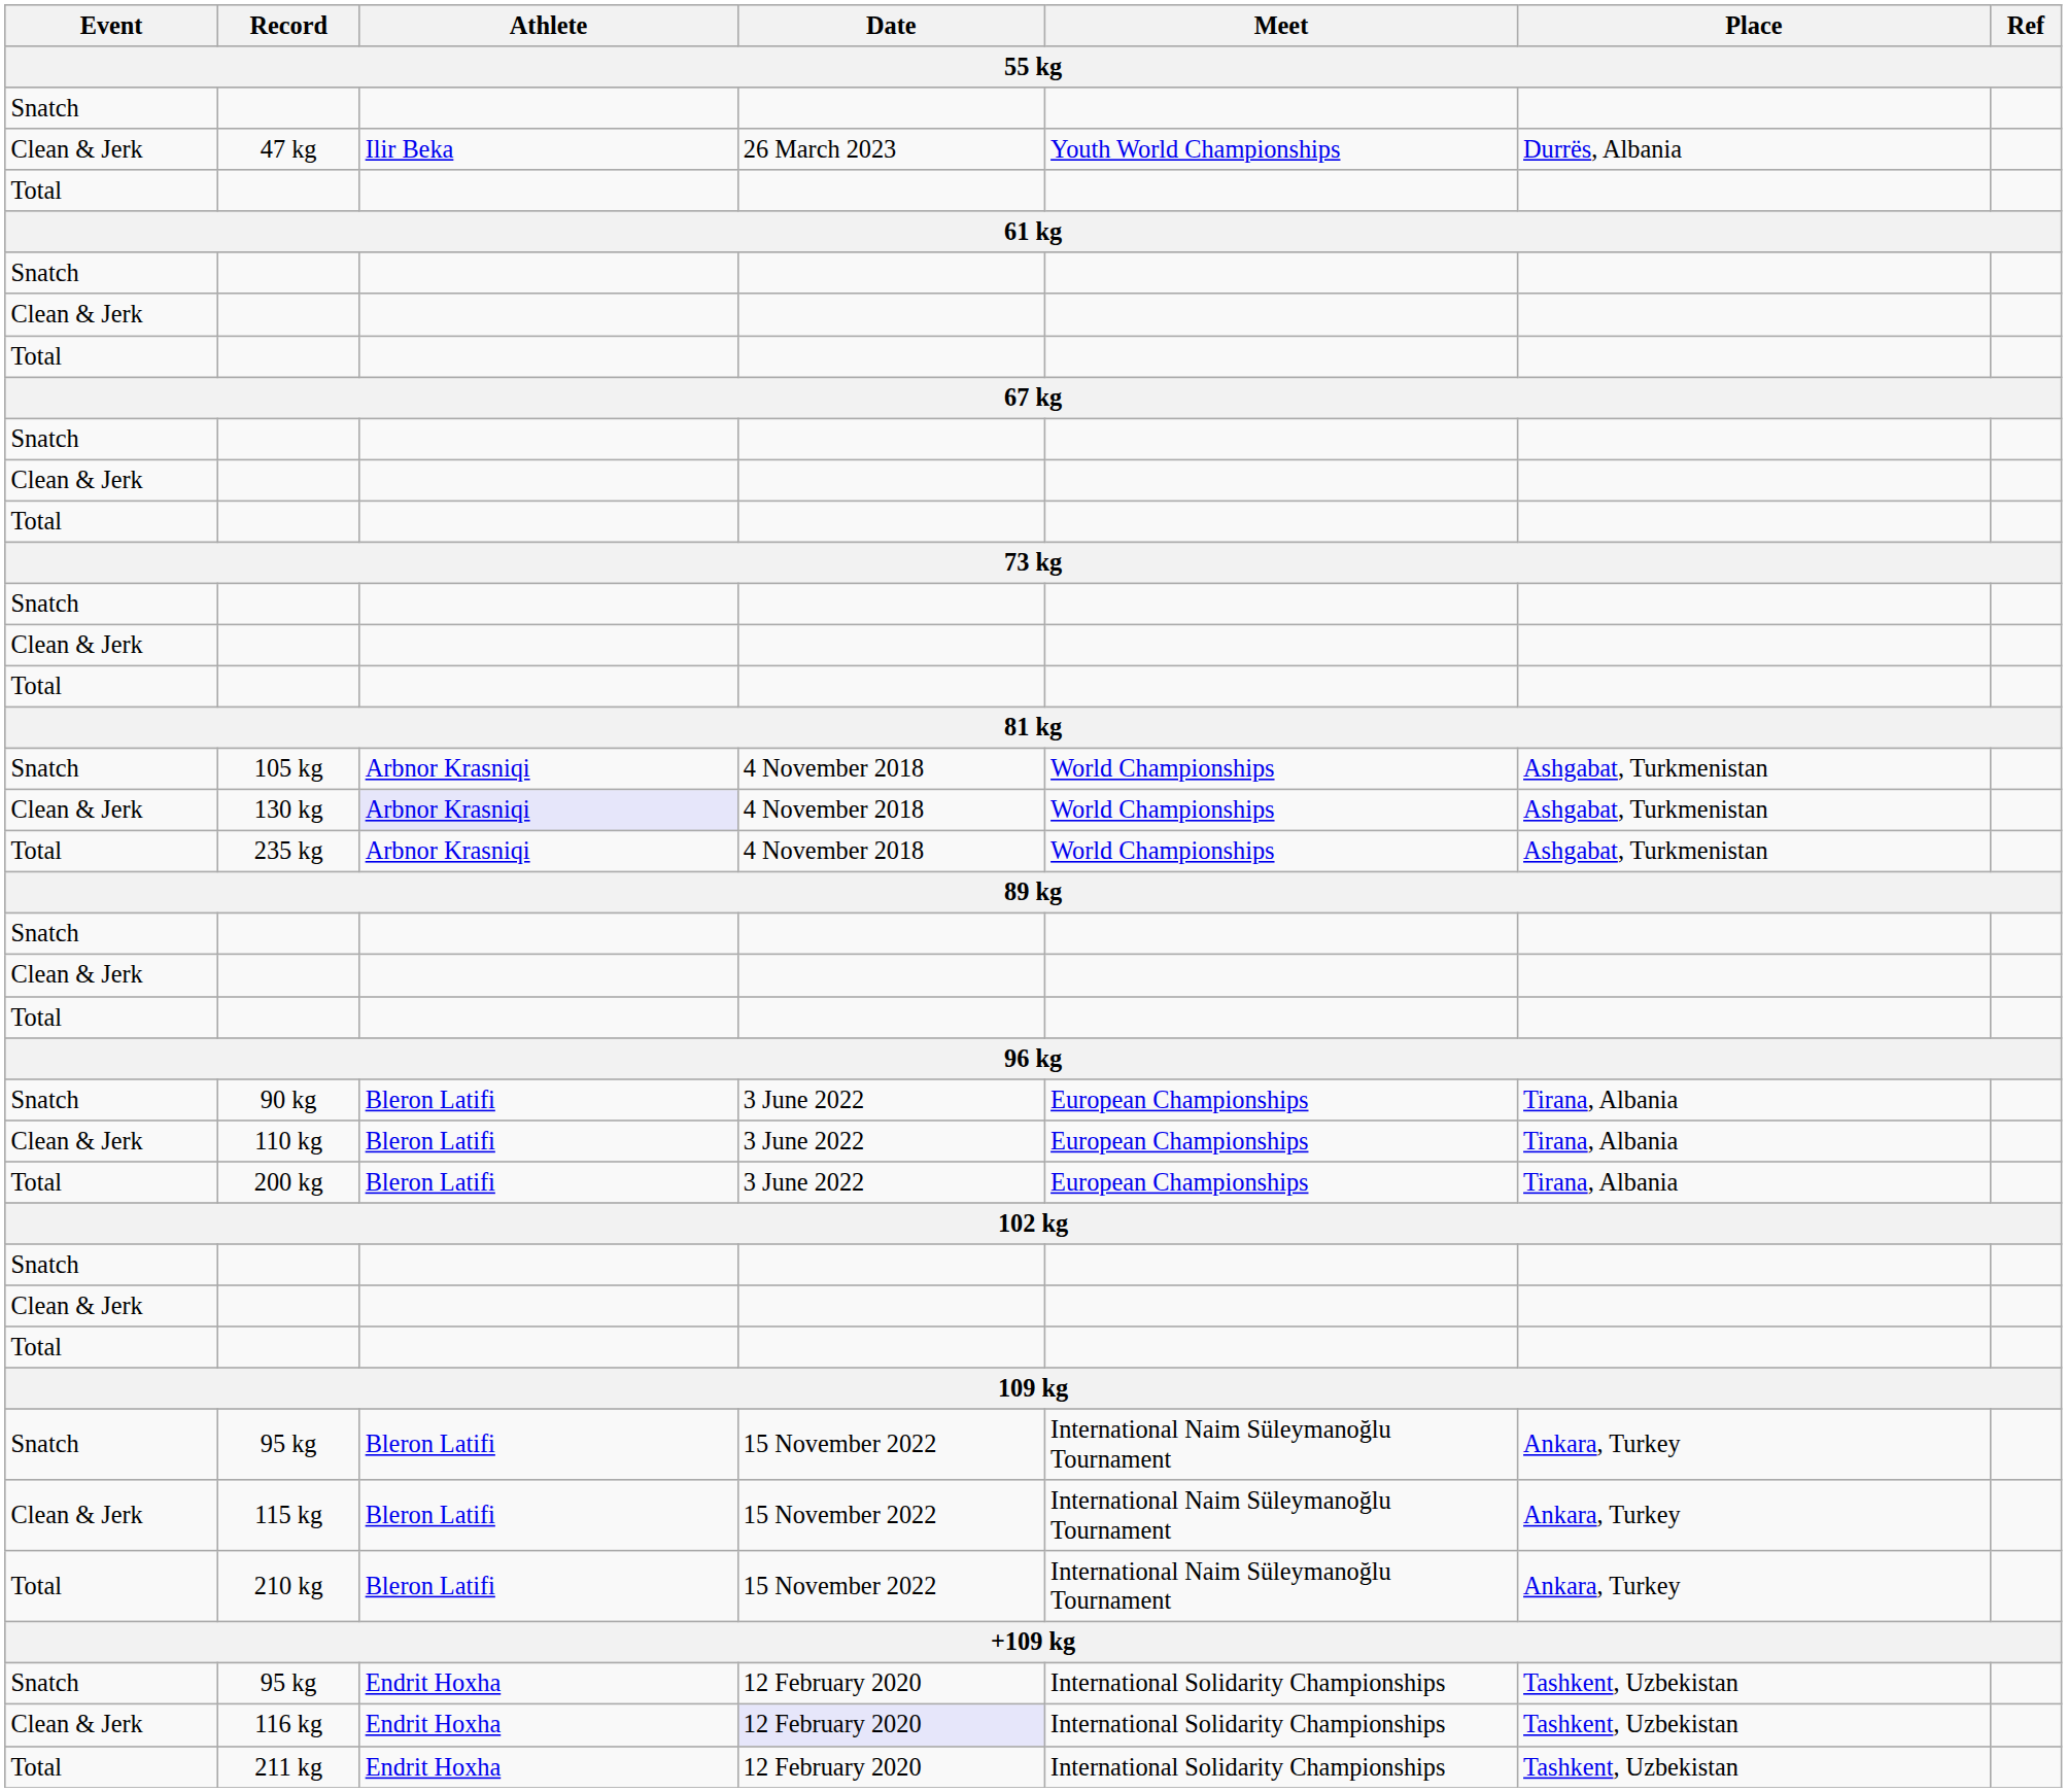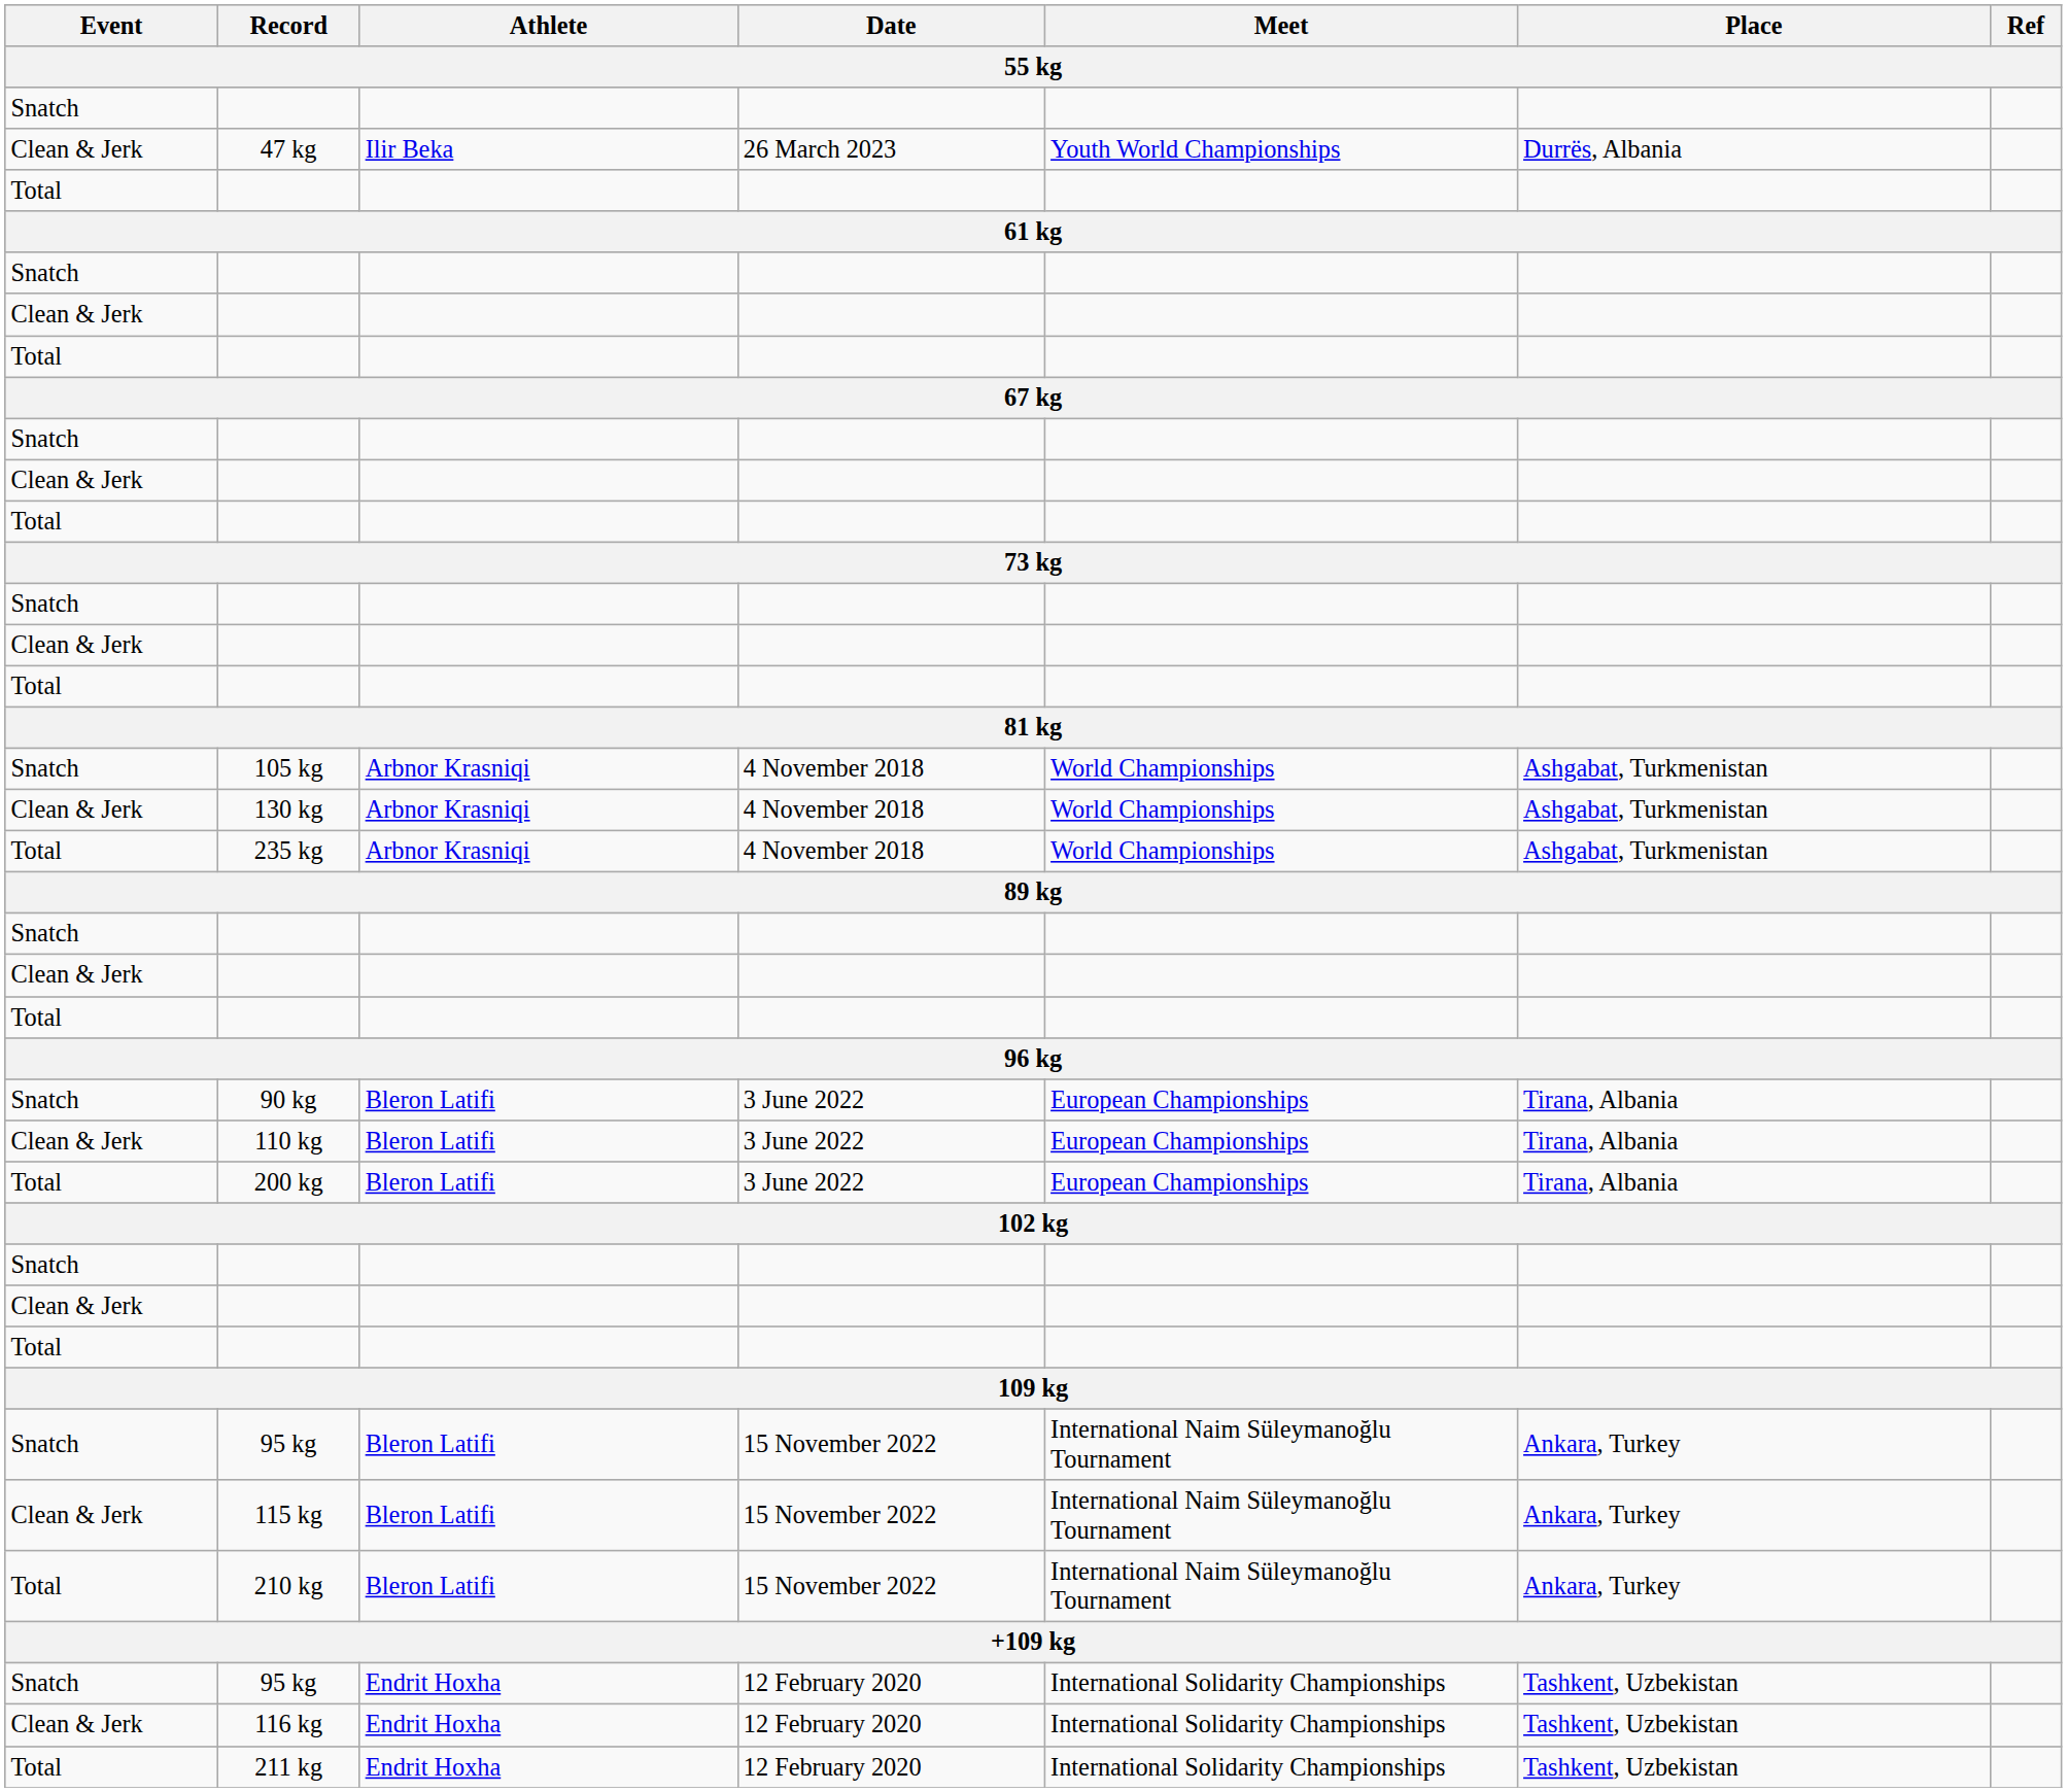 <table class="wikitable" style="font-size:95%;">
 <tr>
 <th width=9%>Event</th>
 <th width=6%>Record</th>
 <th width=16%>Athlete</th>
 <th width=13%>Date</th>
 <th width=20%>Meet</th>
 <th width=20%>Place</th>
 <th width=3%>Ref</th>
 </tr>
 <tr bgcolor="#DDDDDD">
 <th colspan="7">55 kg</th>
 </tr>
 <tr>
 <td>Snatch</td>
 <td align="center"></td>
 <td></td>
 <td></td>
 <td></td>
 <td></td>
 <td></td>
 </tr>
 <tr>
 <td>Clean & Jerk</td>
 <td align="center">47 kg</td>
 <td><a href='#'>Ilir Beka</a></td>
 <td>26 March 2023</td>
 <td><a href='#'>Youth World Championships</a></td>
 <td><a href='#'>Durrës</a>, Albania</td>
 <td></td>
 </tr>
 <tr>
 <td>Total</td>
 <td align="center"></td>
 <td></td>
 <td></td>
 <td></td>
 <td></td>
 <td></td>
 </tr>
 <tr bgcolor="#DDDDDD">
 <th colspan="7">61 kg</th>
 </tr>
 <tr>
 <td>Snatch</td>
 <td align="center"></td>
 <td></td>
 <td></td>
 <td></td>
 <td></td>
 <td></td>
 </tr>
 <tr>
 <td>Clean & Jerk</td>
 <td align="center"></td>
 <td></td>
 <td></td>
 <td></td>
 <td></td>
 <td></td>
 </tr>
 <tr>
 <td>Total</td>
 <td align="center"></td>
 <td></td>
 <td></td>
 <td></td>
 <td></td>
 <td></td>
 </tr>
 <tr bgcolor="#DDDDDD">
 <th colspan="7">67 kg</th>
 </tr>
 <tr>
 <td>Snatch</td>
 <td align="center"></td>
 <td></td>
 <td></td>
 <td></td>
 <td></td>
 <td></td>
 </tr>
 <tr>
 <td>Clean & Jerk</td>
 <td align="center"></td>
 <td></td>
 <td></td>
 <td></td>
 <td></td>
 <td></td>
 </tr>
 <tr>
 <td>Total</td>
 <td align="center"></td>
 <td></td>
 <td></td>
 <td></td>
 <td></td>
 <td></td>
 </tr>
 <tr bgcolor="#DDDDDD">
 <th colspan="7">73 kg</th>
 </tr>
 <tr>
 <td>Snatch</td>
 <td align="center"></td>
 <td></td>
 <td></td>
 <td></td>
 <td></td>
 <td></td>
 </tr>
 <tr>
 <td>Clean & Jerk</td>
 <td align="center"></td>
 <td></td>
 <td></td>
 <td></td>
 <td></td>
 <td></td>
 </tr>
 <tr>
 <td>Total</td>
 <td align="center"></td>
 <td></td>
 <td></td>
 <td></td>
 <td></td>
 <td></td>
 </tr>
 <tr bgcolor="#DDDDDD">
 <th colspan="7">81 kg</th>
 </tr>
 <tr>
 <td>Snatch</td>
 <td align="center">105 kg</td>
 <td><a href='#'>Arbnor Krasniqi</a></td>
 <td>4 November 2018</td>
 <td><a href='#'>World Championships</a></td>
 <td><a href='#'>Ashgabat</a>, Turkmenistan</td>
 <td></td>
 </tr>
 <tr>
 <td>Clean & Jerk</td>
 <td align="center">130 kg</td>
-<td style="background: lavender;"><a href='#'>Arbnor Krasniqi</a></td>
+<td><a href='#'>Arbnor Krasniqi</a></td>
 <td>4 November 2018</td>
 <td><a href='#'>World Championships</a></td>
 <td><a href='#'>Ashgabat</a>, Turkmenistan</td>
 <td></td>
 </tr>
 <tr>
 <td>Total</td>
 <td align="center">235 kg</td>
 <td><a href='#'>Arbnor Krasniqi</a></td>
 <td>4 November 2018</td>
 <td><a href='#'>World Championships</a></td>
 <td><a href='#'>Ashgabat</a>, Turkmenistan</td>
 <td></td>
 </tr>
 <tr bgcolor="#DDDDDD">
 <th colspan="7">89 kg</th>
 </tr>
 <tr>
 <td>Snatch</td>
 <td align="center"></td>
 <td></td>
 <td></td>
 <td></td>
 <td></td>
 <td></td>
 </tr>
 <tr>
 <td>Clean & Jerk</td>
 <td align="center"></td>
 <td></td>
 <td></td>
 <td></td>
 <td></td>
 <td></td>
 </tr>
 <tr>
 <td>Total</td>
 <td align="center"></td>
 <td></td>
 <td></td>
 <td></td>
 <td></td>
 <td></td>
 </tr>
 <tr bgcolor="#DDDDDD">
 <th colspan="7">96 kg</th>
 </tr>
 <tr>
 <td>Snatch</td>
 <td align="center">90 kg</td>
 <td><a href='#'>Bleron Latifi</a></td>
 <td>3 June 2022</td>
 <td><a href='#'>European Championships</a></td>
 <td><a href='#'>Tirana</a>, Albania</td>
 <td></td>
 </tr>
 <tr>
 <td>Clean & Jerk</td>
 <td align="center">110 kg</td>
 <td><a href='#'>Bleron Latifi</a></td>
 <td>3 June 2022</td>
 <td><a href='#'>European Championships</a></td>
 <td><a href='#'>Tirana</a>, Albania</td>
 <td></td>
 </tr>
 <tr>
 <td>Total</td>
 <td align="center">200 kg</td>
 <td><a href='#'>Bleron Latifi</a></td>
 <td>3 June 2022</td>
 <td><a href='#'>European Championships</a></td>
 <td><a href='#'>Tirana</a>, Albania</td>
 <td></td>
 </tr>
 <tr bgcolor="#DDDDDD">
 <th colspan="7">102 kg</th>
 </tr>
 <tr>
 <td>Snatch</td>
 <td align="center"></td>
 <td></td>
 <td></td>
 <td></td>
 <td></td>
 <td></td>
 </tr>
 <tr>
 <td>Clean & Jerk</td>
 <td align="center"></td>
 <td></td>
 <td></td>
 <td></td>
 <td></td>
 <td></td>
 </tr>
 <tr>
 <td>Total</td>
 <td align="center"></td>
 <td></td>
 <td></td>
 <td></td>
 <td></td>
 <td></td>
 </tr>
 <tr bgcolor="#DDDDDD">
 <th colspan="7">109 kg</th>
 </tr>
 <tr>
 <td>Snatch</td>
 <td align="center">95 kg</td>
 <td><a href='#'>Bleron Latifi</a></td>
 <td>15 November 2022</td>
 <td>International Naim Süleymanoğlu Tournament</td>
 <td><a href='#'>Ankara</a>, Turkey</td>
 <td></td>
 </tr>
 <tr>
 <td>Clean & Jerk</td>
 <td align="center">115 kg</td>
 <td><a href='#'>Bleron Latifi</a></td>
 <td>15 November 2022</td>
 <td>International Naim Süleymanoğlu Tournament</td>
 <td><a href='#'>Ankara</a>, Turkey</td>
 <td></td>
 </tr>
 <tr>
 <td>Total</td>
 <td align="center">210 kg</td>
 <td><a href='#'>Bleron Latifi</a></td>
 <td>15 November 2022</td>
 <td>International Naim Süleymanoğlu Tournament</td>
 <td><a href='#'>Ankara</a>, Turkey</td>
 <td></td>
 </tr>
 <tr bgcolor="#DDDDDD">
 <th colspan="7">+109 kg</th>
 </tr>
 <tr>
 <td>Snatch</td>
 <td align="center">95 kg</td>
 <td><a href='#'>Endrit Hoxha</a></td>
 <td>12 February 2020</td>
 <td>International Solidarity Championships</td>
 <td><a href='#'>Tashkent</a>, Uzbekistan</td>
 <td></td>
 </tr>
 <tr>
 <td>Clean & Jerk</td>
 <td align="center">116 kg</td>
 <td><a href='#'>Endrit Hoxha</a></td>
-<td style="background: lavender;">12 February 2020</td>
+<td>12 February 2020</td>
 <td>International Solidarity Championships</td>
 <td><a href='#'>Tashkent</a>, Uzbekistan</td>
 <td></td>
 </tr>
 <tr>
 <td>Total</td>
 <td align="center">211 kg</td>
 <td><a href='#'>Endrit Hoxha</a></td>
 <td>12 February 2020</td>
 <td>International Solidarity Championships</td>
 <td><a href='#'>Tashkent</a>, Uzbekistan</td>
 <td></td>
 </tr>
 </table>
